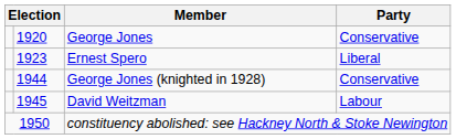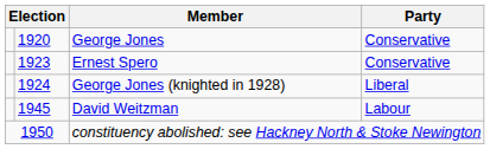 <table class="wikitable">
 <tr>
 <th colspan="2">Election</th>
 <th>Member</th>
 <th>Party</th>
 </tr>
 <tr>
 <td style="color:inherit;background-color: "></td>
 <td><a href='#'>1920</a></td>
 <td><a href='#'>George Jones</a></td>
 <td><a href='#'>Conservative</a></td>
 </tr>
 <tr>
 <td style="color:inherit;background-color: "></td>
 <td><a href='#'>1923</a></td>
 <td><a href='#'>Ernest Spero</a></td>
-<td><a href='#'>Liberal</a></td>
+<td><a href='#'>Conservative</a></td>
 </tr>
 <tr>
 <td style="color:inherit;background-color: "></td>
-<td><a href='#'>1944</a></td>
+<td><a href='#'>1924</a></td>
 <td><a href='#'>George Jones</a> (knighted in 1928)</td>
-<td><a href='#'>Conservative</a></td>
+<td><a href='#'>Liberal</a></td>
 </tr>
 <tr>
 <td style="color:inherit;background-color: "></td>
 <td><a href='#'>1945</a></td>
 <td><a href='#'>David Weitzman</a></td>
 <td><a href='#'>Labour</a></td>
 </tr>
 <tr>
 <td colspan="2" align="center"><a href='#'>1950</a></td>
 <td colspan="2"><em>constituency abolished: see <a href='#'>Hackney North & Stoke Newington</a></em></td>
 </tr>
 </table>
